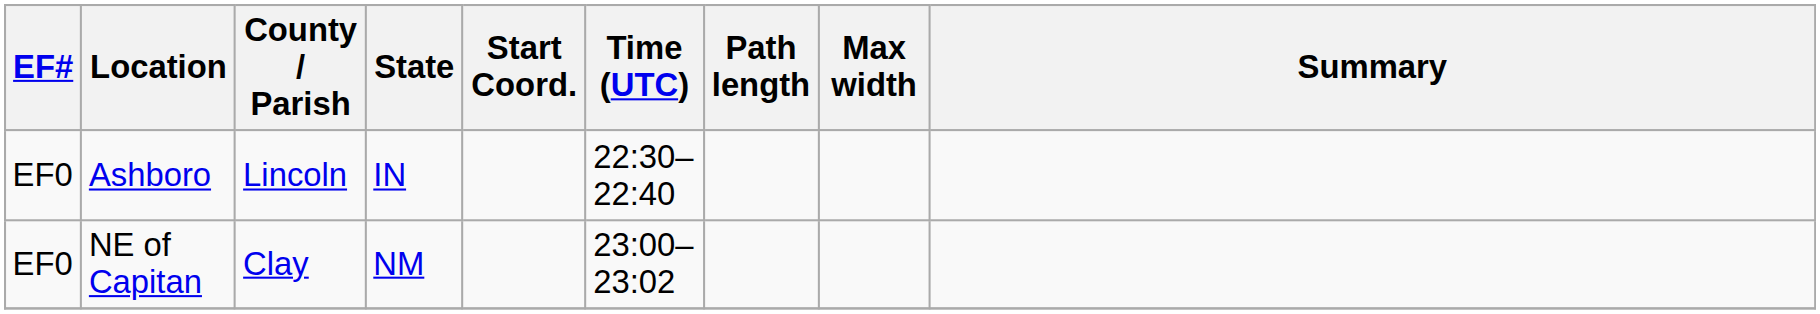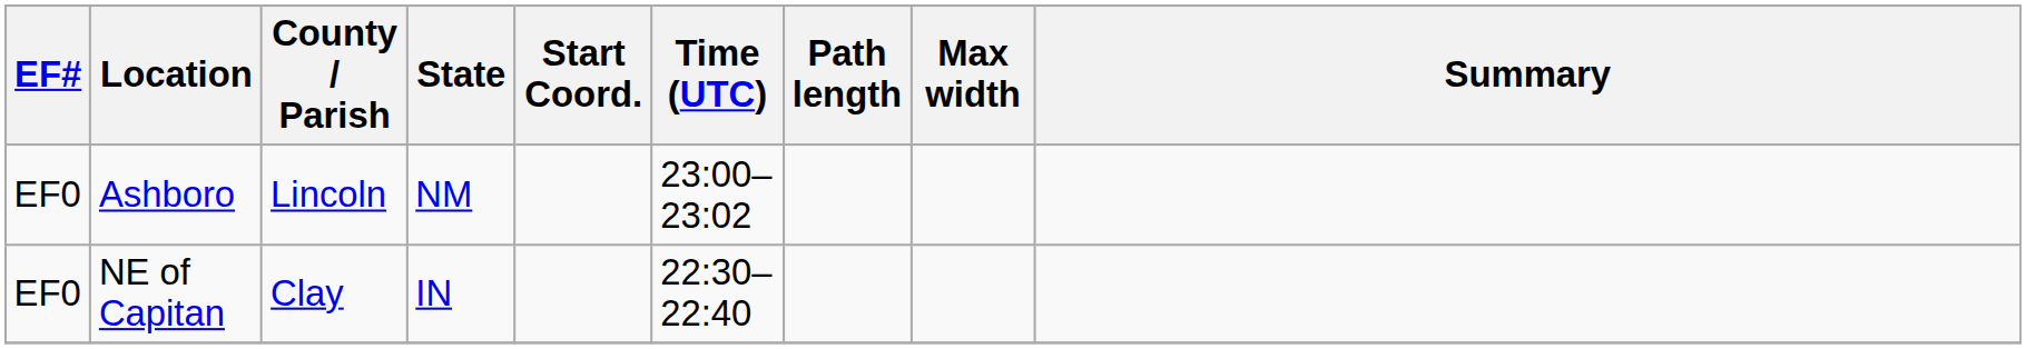 <table class="wikitable sortable" style="width:100%;">
 <tr>
 <th scope="col"  style="width:3%; text-align:center;"><a href='#'>EF#</a></th>
 <th scope="col"  style="width:7%; text-align:center;" class="unsortable">Location</th>
 <th scope="col"  style="width:6%; text-align:center;" class="unsortable">County / Parish</th>
 <th scope="col"  style="width:5%; text-align:center;">State</th>
 <th scope="col"  style="width:6%; text-align:center;">Start Coord.</th>
 <th scope="col"  style="width:6%; text-align:center;">Time (<a href='#'>UTC</a>)</th>
 <th scope="col"  style="width:6%; text-align:center;">Path length</th>
 <th scope="col"  style="width:6%; text-align:center;">Max width</th>
 <th scope="col" class="unsortable" style="width:48%; text-align:center;">Summary</th>
 </tr>
 <tr>
 <td>EF0</td>
 <td><a href='#'>Ashboro</a></td>
 <td><a href='#'>Lincoln</a></td>
+<td><a href='#'>NM</a></td>
+<td></td>
+<td>23:00–23:02</td>
+<td></td>
+<td></td>
+<td></td>
+</tr>
+<tr>
+<td>EF0</td>
+<td>NE of <a href='#'>Capitan</a></td>
+<td><a href='#'>Clay</a></td>
 <td><a href='#'>IN</a></td>
 <td></td>
 <td>22:30–22:40</td>
 <td></td>
 <td></td>
 <td></td>
 </tr>
 <tr>
-<td>EF0</td>
-<td>NE of <a href='#'>Capitan</a></td>
-<td><a href='#'>Clay</a></td>
-<td><a href='#'>NM</a></td>
-<td></td>
-<td>23:00–23:02</td>
-<td></td>
-<td></td>
-<td></td>
-</tr>
-<tr>
 </tr>
 </table>
